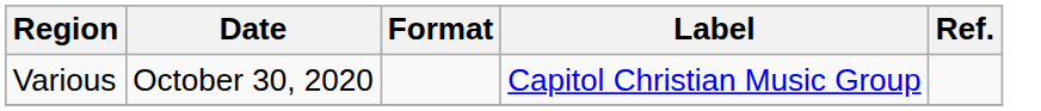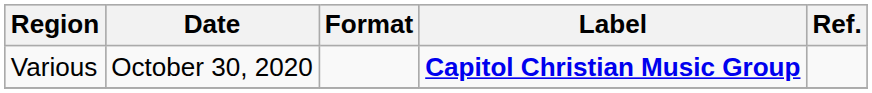 <table class="wikitable plainrowheaders">
 <tr>
 <th scope="col">Region</th>
 <th scope="col">Date</th>
 <th scope="col">Format</th>
 <th scope="col">Label</th>
 <th scope="col">Ref.</th>
 </tr>
 <tr>
 <td>Various</td>
 <td>October 30, 2020</td>
 <td></td>
-<td><a href='#'>Capitol Christian Music Group</a></td>
+<td><strong><a href='#'>Capitol Christian Music Group</a></strong></td>
 <td></td>
 </tr>
 <tr>
 </tr>
 </table>
